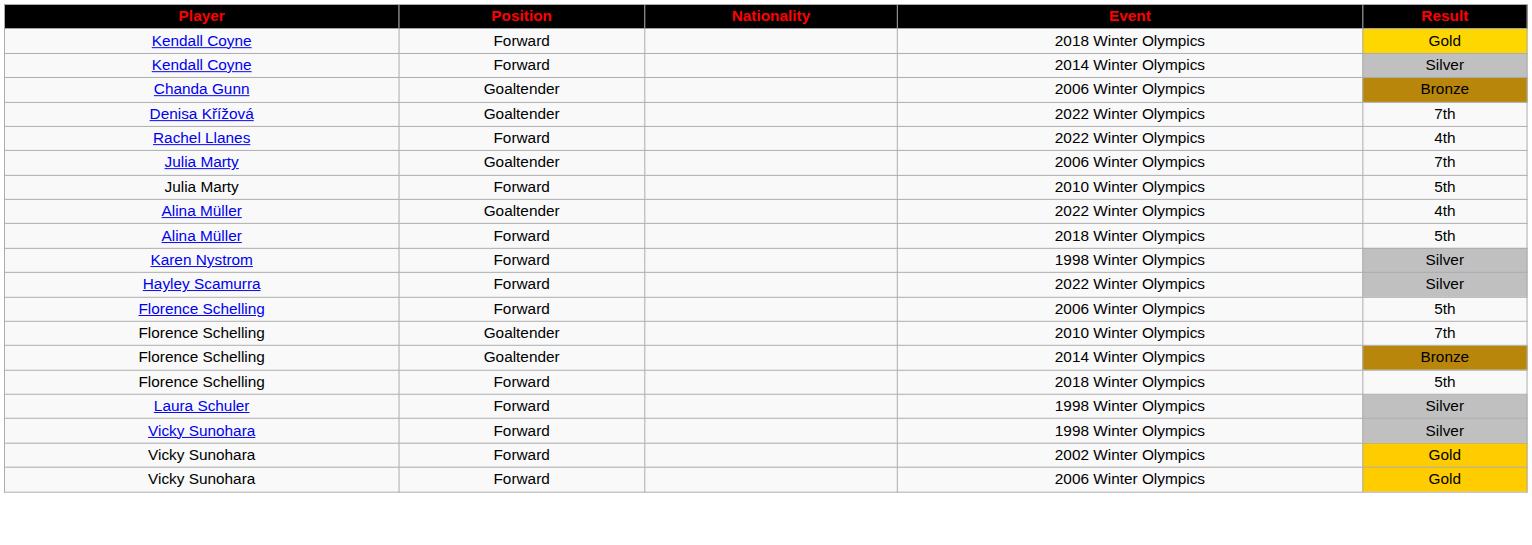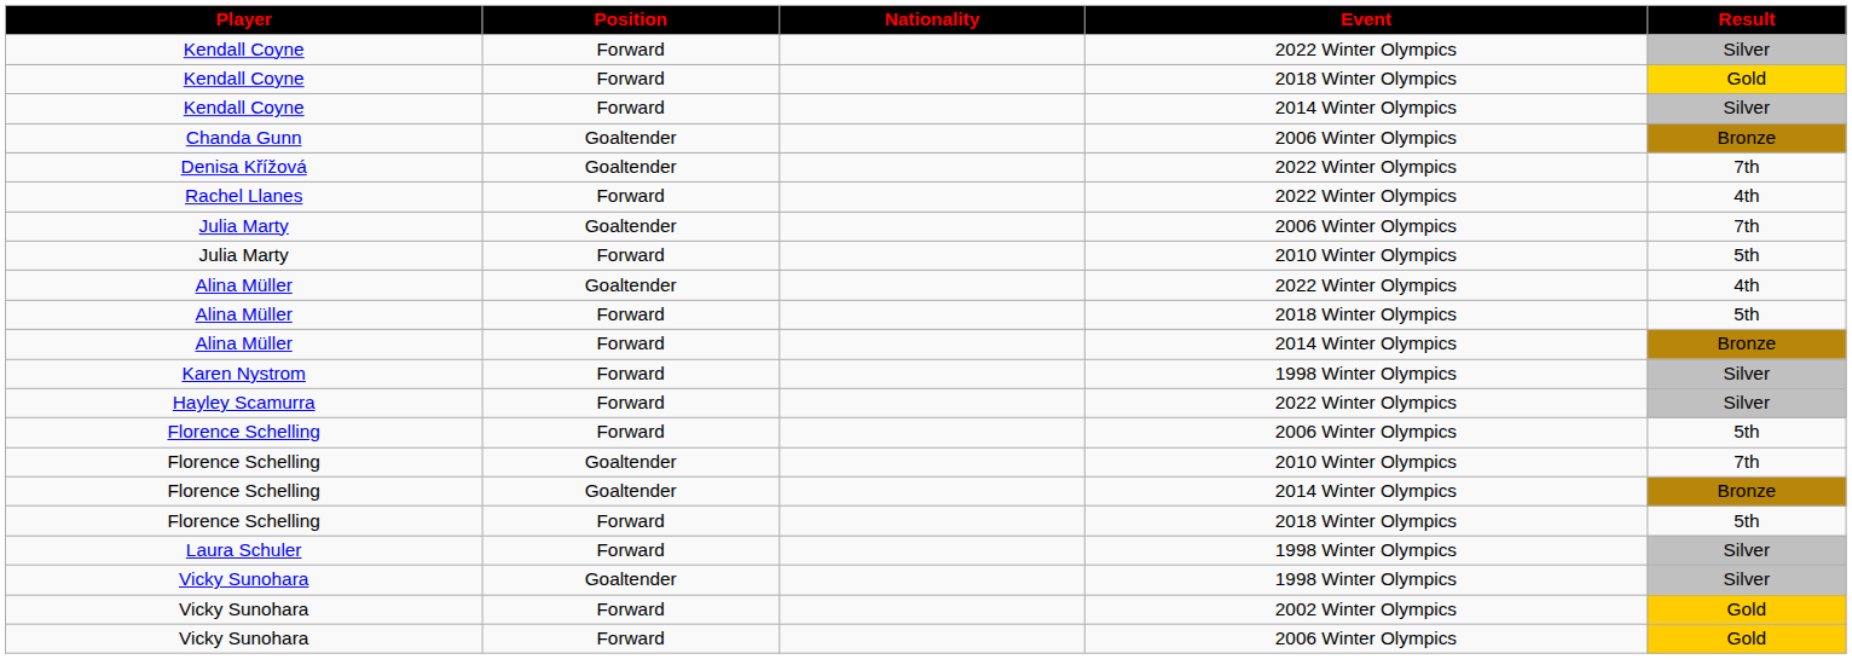 <table class="wikitable" style="width:80%;">
 <tr style="text-align:center; background:black; color:red;">
 <td><strong>Player</strong></td>
 <td><strong>Position</strong></td>
 <td><strong>Nationality</strong></td>
 <td><strong>Event</strong></td>
 <td><strong>Result</strong></td>
+</tr>
+<tr style="text-align:center;" bgcolor="">
+<td><a href='#'>Kendall Coyne</a></td>
+<td>Forward</td>
+<td></td>
+<td>2022 Winter Olympics</td>
+<td style="background:silver;">Silver</td>
 </tr>
 <tr style="text-align:center;" bgcolor="">
 <td><a href='#'>Kendall Coyne</a></td>
 <td>Forward</td>
 <td></td>
 <td>2018 Winter Olympics</td>
 <td style="background:gold;">Gold</td>
 </tr>
 <tr style="text-align:center;" bgcolor="">
 <td><a href='#'>Kendall Coyne</a></td>
 <td>Forward</td>
 <td></td>
 <td>2014 Winter Olympics</td>
 <td style="background:silver;">Silver</td>
 </tr>
 <tr style="text-align:center;" bgcolor="">
 <td><a href='#'>Chanda Gunn</a></td>
 <td>Goaltender</td>
 <td></td>
 <td>2006 Winter Olympics</td>
 <td style="background-color:#B8860B;">Bronze</td>
 </tr>
 <tr style="text-align:center;" bgcolor="">
 <td><a href='#'>Denisa Křížová</a></td>
 <td>Goaltender</td>
 <td></td>
 <td>2022 Winter Olympics</td>
 <td>7th</td>
 </tr>
 <tr style="text-align:center;" bgcolor="">
 <td><a href='#'>Rachel Llanes</a></td>
 <td>Forward</td>
 <td></td>
 <td>2022 Winter Olympics</td>
 <td>4th</td>
 </tr>
 <tr style="text-align:center;" bgcolor="">
 <td><a href='#'>Julia Marty</a></td>
 <td>Goaltender</td>
 <td></td>
 <td>2006 Winter Olympics</td>
 <td>7th</td>
 </tr>
 <tr style="text-align:center;" bgcolor="">
 <td>Julia Marty</td>
 <td>Forward</td>
 <td></td>
 <td>2010 Winter Olympics</td>
 <td>5th</td>
 </tr>
 <tr style="text-align:center;" bgcolor="">
 <td><a href='#'>Alina Müller</a></td>
 <td>Goaltender</td>
 <td></td>
 <td>2022 Winter Olympics</td>
 <td>4th</td>
 </tr>
 <tr style="text-align:center;" bgcolor="">
 <td><a href='#'>Alina Müller</a></td>
 <td>Forward</td>
 <td></td>
 <td>2018 Winter Olympics</td>
 <td>5th</td>
 </tr>
 <tr style="text-align:center;" bgcolor="">
+<td><a href='#'>Alina Müller</a></td>
+<td>Forward</td>
+<td></td>
+<td>2014 Winter Olympics</td>
+<td style="background-color:#B8860B">Bronze</td>
+</tr>
+<tr style="text-align:center;" bgcolor="">
 <td><a href='#'>Karen Nystrom</a></td>
 <td>Forward</td>
 <td></td>
 <td>1998 Winter Olympics</td>
 <td style="background:silver;">Silver</td>
 </tr>
 <tr style="text-align:center;" bgcolor="">
 <td><a href='#'>Hayley Scamurra</a></td>
 <td>Forward</td>
 <td></td>
 <td>2022 Winter Olympics</td>
 <td style="background:silver;">Silver</td>
 </tr>
 <tr style="text-align:center;" bgcolor="">
 <td><a href='#'>Florence Schelling</a></td>
 <td>Forward</td>
 <td></td>
 <td>2006 Winter Olympics</td>
 <td>5th</td>
 </tr>
 <tr style="text-align:center;" bgcolor="">
 <td>Florence Schelling</td>
 <td>Goaltender</td>
 <td></td>
 <td>2010 Winter Olympics</td>
 <td>7th</td>
 </tr>
 <tr style="text-align:center;" bgcolor="">
 <td>Florence Schelling</td>
 <td>Goaltender</td>
 <td></td>
 <td>2014 Winter Olympics</td>
 <td style="background-color:#B8860B">Bronze</td>
 </tr>
 <tr style="text-align:center;" bgcolor="">
 <td>Florence Schelling</td>
 <td>Forward</td>
 <td></td>
 <td>2018 Winter Olympics</td>
 <td>5th</td>
 </tr>
 <tr style="text-align:center;" bgcolor="">
 <td><a href='#'>Laura Schuler</a></td>
 <td>Forward</td>
 <td></td>
 <td>1998 Winter Olympics</td>
 <td style="background:silver;">Silver</td>
 </tr>
 <tr style="text-align:center;" bgcolor="">
 <td><a href='#'>Vicky Sunohara</a></td>
-<td>Forward</td>
+<td>Goaltender</td>
 <td></td>
 <td>1998 Winter Olympics</td>
 <td style="background:silver;">Silver</td>
 </tr>
 <tr style="text-align:center;" bgcolor="">
 <td>Vicky Sunohara</td>
 <td>Forward</td>
 <td></td>
 <td>2002 Winter Olympics</td>
 <td style="background:#fc0;">Gold</td>
 </tr>
 <tr style="text-align:center;" bgcolor="">
 <td>Vicky Sunohara</td>
 <td>Forward</td>
 <td></td>
 <td>2006 Winter Olympics</td>
 <td style="background:#fc0;">Gold</td>
 </tr>
 </table>
